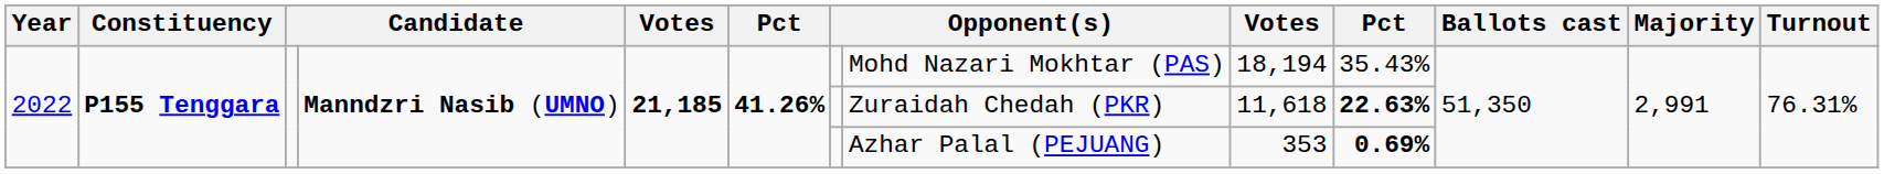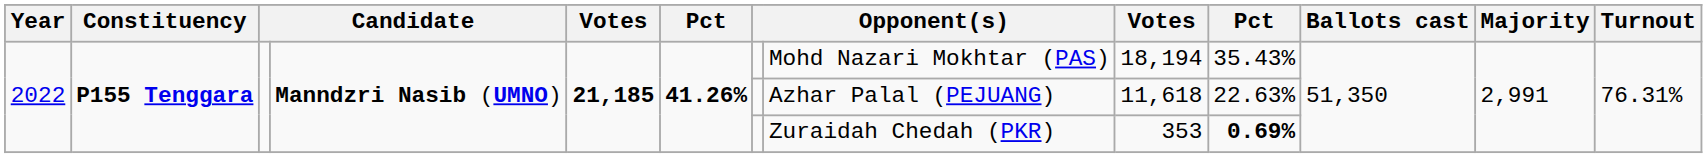 <table class="wikitable" style="margin:0.5em ; font-size:95%">
 <tr>
 <th>Year</th>
 <th>Constituency</th>
 <th colspan=2>Candidate</th>
 <th>Votes</th>
 <th>Pct</th>
 <th colspan=2>Opponent(s)</th>
 <th>Votes</th>
 <th>Pct</th>
 <th>Ballots cast</th>
 <th>Majority</th>
 <th>Turnout</th>
 </tr>
 <tr>
 <td rowspan=3><a href='#'>2022</a></td>
 <td rowspan=3><strong>P155 <a href='#'>Tenggara</a></strong></td>
 <td rowspan=3 ></td>
 <td rowspan=3><strong>Manndzri Nasib</strong> (<a href='#'><strong>UMNO</strong></a>)</td>
 <td rowspan=3 align=right><strong>21,185</strong></td>
 <td rowspan=3><strong>41.26%</strong></td>
 <td bgcolor=></td>
 <td>Mohd Nazari Mokhtar (<a href='#'>PAS</a>)</td>
 <td align=right>18,194</td>
 <td>35.43%</td>
 <td rowspan=3>51,350</td>
 <td rowspan=3>2,991</td>
 <td rowspan=3>76.31%</td>
 </tr>
 <tr>
 <td></td>
-<td>Zuraidah Chedah (<a href='#'>PKR</a>)</td>
+<td>Azhar Palal (<a href='#'>PEJUANG</a>)</td>
 <td align=right>11,618</td>
-<td><strong>22.63%</strong></td>
+<td>22.63%</td>
 </tr>
 <tr>
 <td bgcolor=></td>
-<td>Azhar Palal (<a href='#'>PEJUANG</a>)</td>
+<td>Zuraidah Chedah (<a href='#'>PKR</a>)</td>
 <td align=right>353</td>
 <td align=right><strong>0.69%</strong></td>
 </tr>
 </table>
